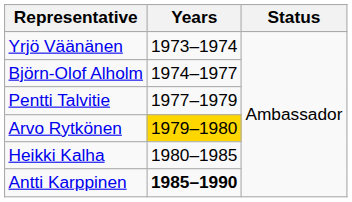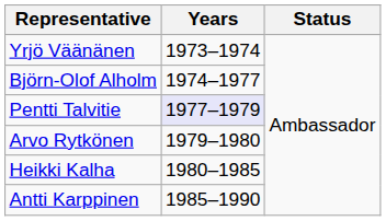 <table class="wikitable sortable">
 <tr>
 <th>Representative</th>
 <th>Years</th>
 <th>Status</th>
 </tr>
 <tr>
 <td><a href='#'>Yrjö Väänänen</a></td>
 <td>1973–1974</td>
 <td rowspan="6">Ambassador</td>
 </tr>
 <tr>
 <td><a href='#'>Björn-Olof Alholm</a></td>
 <td>1974–1977</td>
 </tr>
 <tr>
 <td><a href='#'>Pentti Talvitie</a></td>
-<td>1977–1979</td>
+<td style="background: lavender;">1977–1979</td>
 </tr>
 <tr>
 <td><a href='#'>Arvo Rytkönen</a></td>
-<td style="background: gold;">1979–1980</td>
+<td>1979–1980</td>
 </tr>
 <tr>
 <td><a href='#'>Heikki Kalha</a></td>
 <td>1980–1985</td>
 </tr>
 <tr>
 <td><a href='#'>Antti Karppinen</a></td>
-<td><strong>1985–1990</strong></td>
+<td>1985–1990</td>
 </tr>
 </table>
